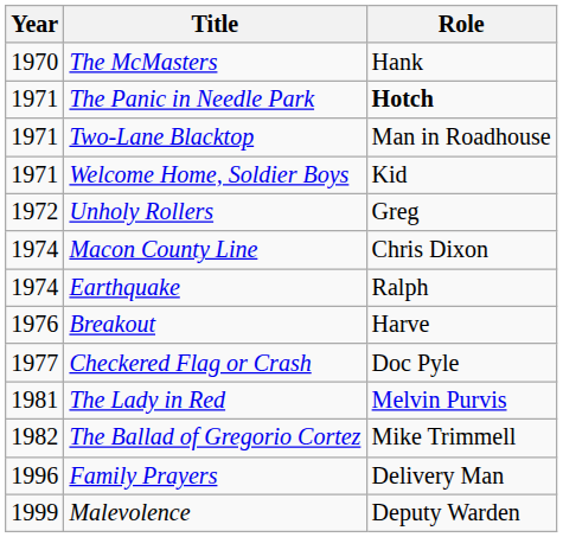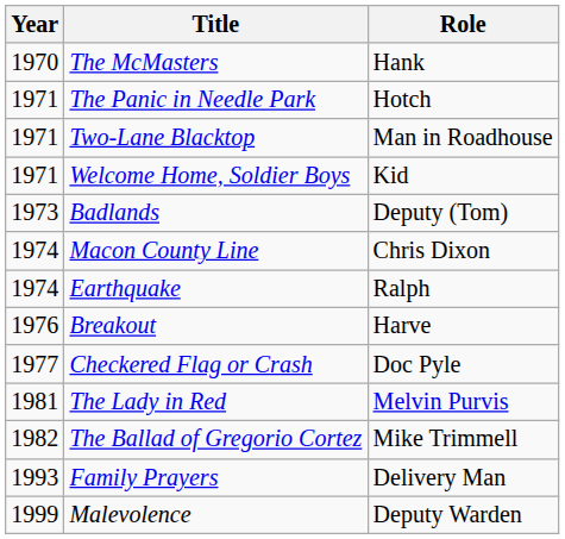 <table class="wikitable sortable”">
 <tr>
 <th>Year</th>
 <th>Title</th>
 <th>Role</th>
 </tr>
 <tr>
 <td>1970</td>
 <td><em><a href='#'>The McMasters</a></em></td>
 <td>Hank</td>
 </tr>
 <tr>
 <td>1971</td>
 <td><em><a href='#'>The Panic in Needle Park</a></em></td>
-<td><strong>Hotch</strong></td>
+<td>Hotch</td>
 </tr>
 <tr>
 <td>1971</td>
 <td><em><a href='#'>Two-Lane Blacktop</a></em></td>
 <td>Man in Roadhouse</td>
 </tr>
 <tr>
 <td>1971</td>
 <td><em><a href='#'>Welcome Home, Soldier Boys</a></em></td>
 <td>Kid</td>
 </tr>
 <tr>
-<td>1972</td>
-<td><em><a href='#'>Unholy Rollers</a></em></td>
-<td>Greg</td>
+<td>1973</td>
+<td><em><a href='#'>Badlands</a></em></td>
+<td>Deputy (Tom)</td>
 </tr>
 <tr>
 <td>1974</td>
 <td><em><a href='#'>Macon County Line</a></em></td>
 <td>Chris Dixon</td>
 </tr>
 <tr>
 <td>1974</td>
 <td><em><a href='#'>Earthquake</a></em></td>
 <td>Ralph</td>
 </tr>
 <tr>
 <td>1976</td>
 <td><em><a href='#'>Breakout</a></em></td>
 <td>Harve</td>
 </tr>
 <tr>
 <td>1977</td>
 <td><em><a href='#'>Checkered Flag or Crash</a></em></td>
 <td>Doc Pyle</td>
 </tr>
 <tr>
 <td>1981</td>
 <td><em><a href='#'>The Lady in Red</a></em></td>
 <td><a href='#'>Melvin Purvis</a></td>
 </tr>
 <tr>
 <td>1982</td>
 <td><em><a href='#'>The Ballad of Gregorio Cortez</a></em></td>
 <td>Mike Trimmell</td>
 </tr>
 <tr>
-<td>1996</td>
+<td>1993</td>
 <td><em><a href='#'>Family Prayers</a></em></td>
 <td>Delivery Man</td>
 </tr>
 <tr>
 <td>1999</td>
 <td><em>Malevolence</em></td>
 <td>Deputy Warden</td>
 </tr>
 </table>
